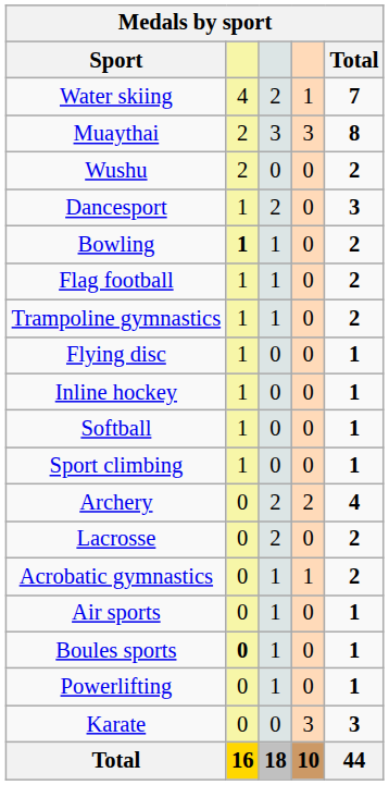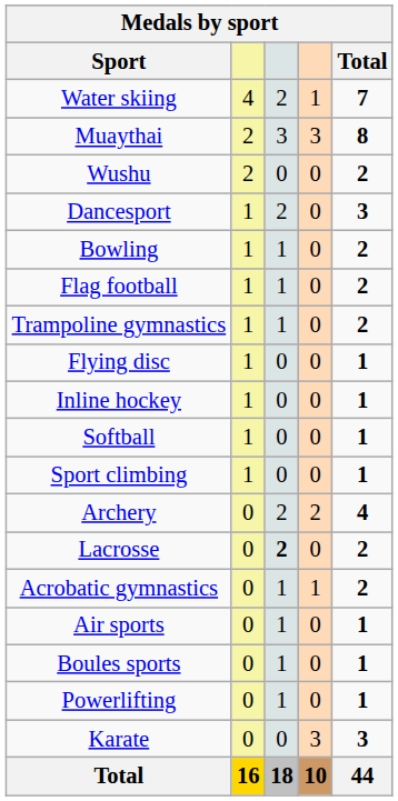 <table class=wikitable style=font-size:85%;float:right;text-align:center>
 <tr>
 <th colspan=5>Medals by sport</th>
 </tr>
 <tr>
 <th>Sport</th>
 <td bgcolor=F7F6A8></td>
 <td bgcolor=DCE5E5></td>
 <td bgcolor=FFDAB9></td>
 <th>Total</th>
 </tr>
 <tr>
 <td><a href='#'>Water skiing</a></td>
 <td bgcolor=F7F6A8>4</td>
 <td bgcolor=DCE5E5>2</td>
 <td bgcolor=FFDAB9>1</td>
 <td><strong>7</strong></td>
 </tr>
 <tr>
 <td><a href='#'>Muaythai</a></td>
 <td bgcolor=F7F6A8>2</td>
 <td bgcolor=DCE5E5>3</td>
 <td bgcolor=FFDAB9>3</td>
 <td><strong>8</strong></td>
 </tr>
 <tr>
 <td><a href='#'>Wushu</a></td>
 <td bgcolor=F7F6A8>2</td>
 <td bgcolor=DCE5E5>0</td>
 <td bgcolor=FFDAB9>0</td>
 <td><strong>2</strong></td>
 </tr>
 <tr>
 <td><a href='#'>Dancesport</a></td>
 <td bgcolor=F7F6A8>1</td>
 <td bgcolor=DCE5E5>2</td>
 <td bgcolor=FFDAB9>0</td>
 <td><strong>3</strong></td>
 </tr>
 <tr>
 <td><a href='#'>Bowling</a></td>
-<td bgcolor=F7F6A8><strong>1</strong></td>
+<td bgcolor=F7F6A8>1</td>
 <td bgcolor=DCE5E5>1</td>
 <td bgcolor=FFDAB9>0</td>
 <td><strong>2</strong></td>
 </tr>
 <tr>
 <td><a href='#'>Flag football</a></td>
 <td bgcolor=F7F6A8>1</td>
 <td bgcolor=DCE5E5>1</td>
 <td bgcolor=FFDAB9>0</td>
 <td><strong>2</strong></td>
 </tr>
 <tr>
 <td><a href='#'>Trampoline gymnastics</a></td>
 <td bgcolor=F7F6A8>1</td>
 <td bgcolor=DCE5E5>1</td>
 <td bgcolor=FFDAB9>0</td>
 <td><strong>2</strong></td>
 </tr>
 <tr>
 <td><a href='#'>Flying disc</a></td>
 <td bgcolor=F7F6A8>1</td>
 <td bgcolor=DCE5E5>0</td>
 <td bgcolor=FFDAB9>0</td>
 <td><strong>1</strong></td>
 </tr>
 <tr>
 <td><a href='#'>Inline hockey</a></td>
 <td bgcolor=F7F6A8>1</td>
 <td bgcolor=DCE5E5>0</td>
 <td bgcolor=FFDAB9>0</td>
 <td><strong>1</strong></td>
 </tr>
 <tr>
 <td><a href='#'>Softball</a></td>
 <td bgcolor=F7F6A8>1</td>
 <td bgcolor=DCE5E5>0</td>
 <td bgcolor=FFDAB9>0</td>
 <td><strong>1</strong></td>
 </tr>
 <tr>
 <td><a href='#'>Sport climbing</a></td>
 <td bgcolor=F7F6A8>1</td>
 <td bgcolor=DCE5E5>0</td>
 <td bgcolor=FFDAB9>0</td>
 <td><strong>1</strong></td>
 </tr>
 <tr>
 <td><a href='#'>Archery</a></td>
 <td bgcolor=F7F6A8>0</td>
 <td bgcolor=DCE5E5>2</td>
 <td bgcolor=FFDAB9>2</td>
 <td><strong>4</strong></td>
 </tr>
 <tr>
 <td><a href='#'>Lacrosse</a></td>
 <td bgcolor=F7F6A8>0</td>
-<td bgcolor=DCE5E5>2</td>
+<td bgcolor=DCE5E5><strong>2</strong></td>
 <td bgcolor=FFDAB9>0</td>
 <td><strong>2</strong></td>
 </tr>
 <tr>
 <td><a href='#'>Acrobatic gymnastics</a></td>
 <td bgcolor=F7F6A8>0</td>
 <td bgcolor=DCE5E5>1</td>
 <td bgcolor=FFDAB9>1</td>
 <td><strong>2</strong></td>
 </tr>
 <tr>
 <td><a href='#'>Air sports</a></td>
 <td bgcolor=F7F6A8>0</td>
 <td bgcolor=DCE5E5>1</td>
 <td bgcolor=FFDAB9>0</td>
 <td><strong>1</strong></td>
 </tr>
 <tr>
 <td><a href='#'>Boules sports</a></td>
-<td bgcolor=F7F6A8><strong>0</strong></td>
+<td bgcolor=F7F6A8>0</td>
 <td bgcolor=DCE5E5>1</td>
 <td bgcolor=FFDAB9>0</td>
 <td><strong>1</strong></td>
 </tr>
 <tr>
 <td><a href='#'>Powerlifting</a></td>
 <td bgcolor=F7F6A8>0</td>
 <td bgcolor=DCE5E5>1</td>
 <td bgcolor=FFDAB9>0</td>
 <td><strong>1</strong></td>
 </tr>
 <tr>
 <td><a href='#'>Karate</a></td>
 <td bgcolor=F7F6A8>0</td>
 <td bgcolor=DCE5E5>0</td>
 <td bgcolor=FFDAB9>3</td>
 <td><strong>3</strong></td>
 </tr>
 <tr>
 <th>Total</th>
 <th style=background:gold>16</th>
 <th style=background:silver>18</th>
 <th style=background:#c96>10</th>
 <th>44</th>
 </tr>
 </table>
